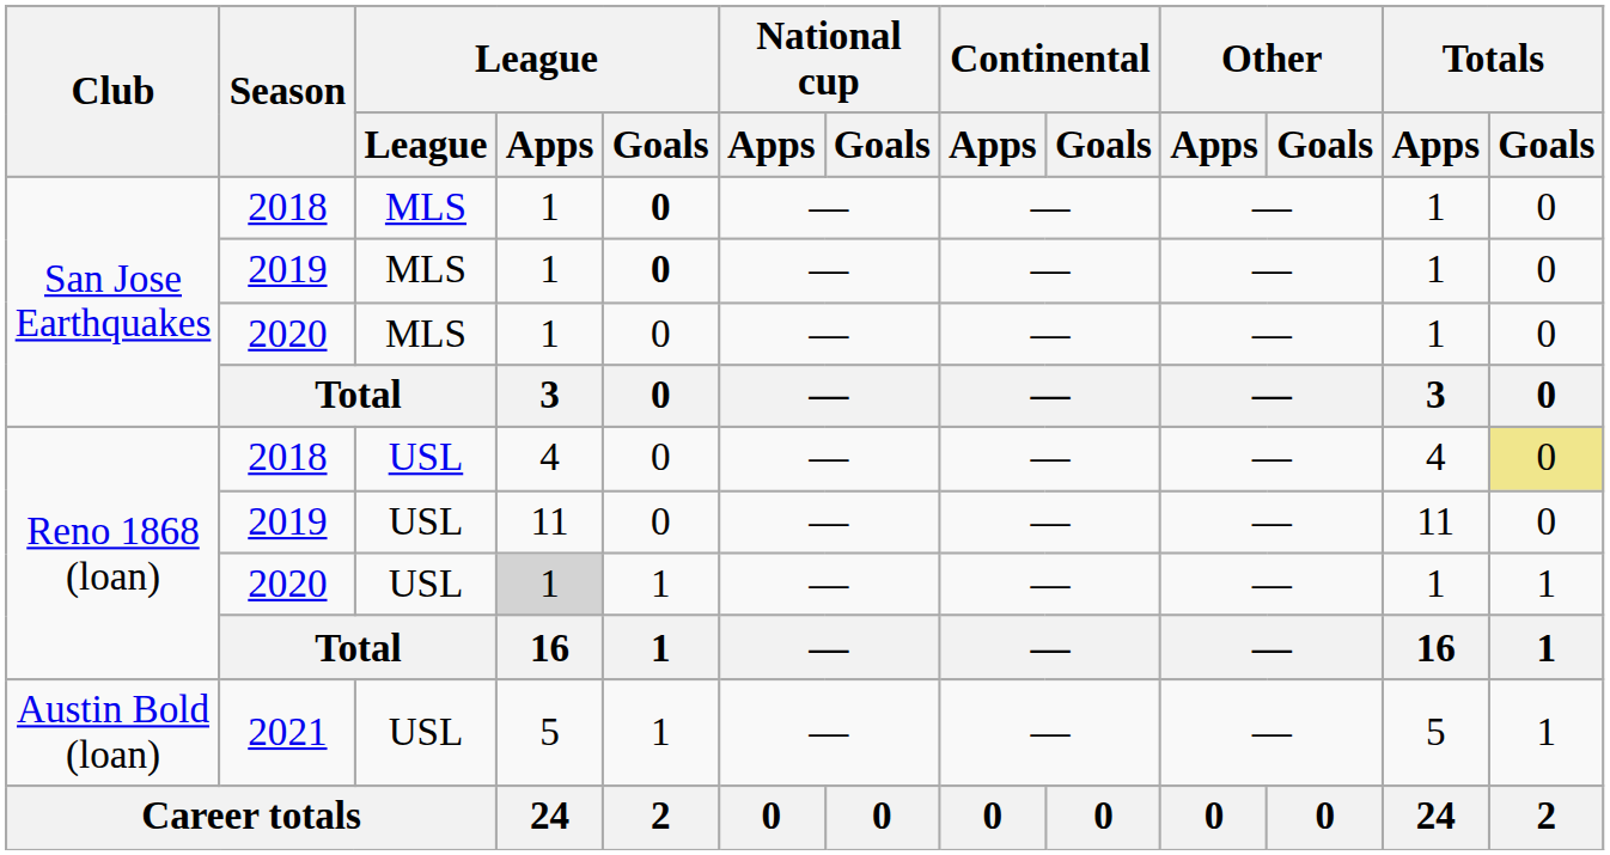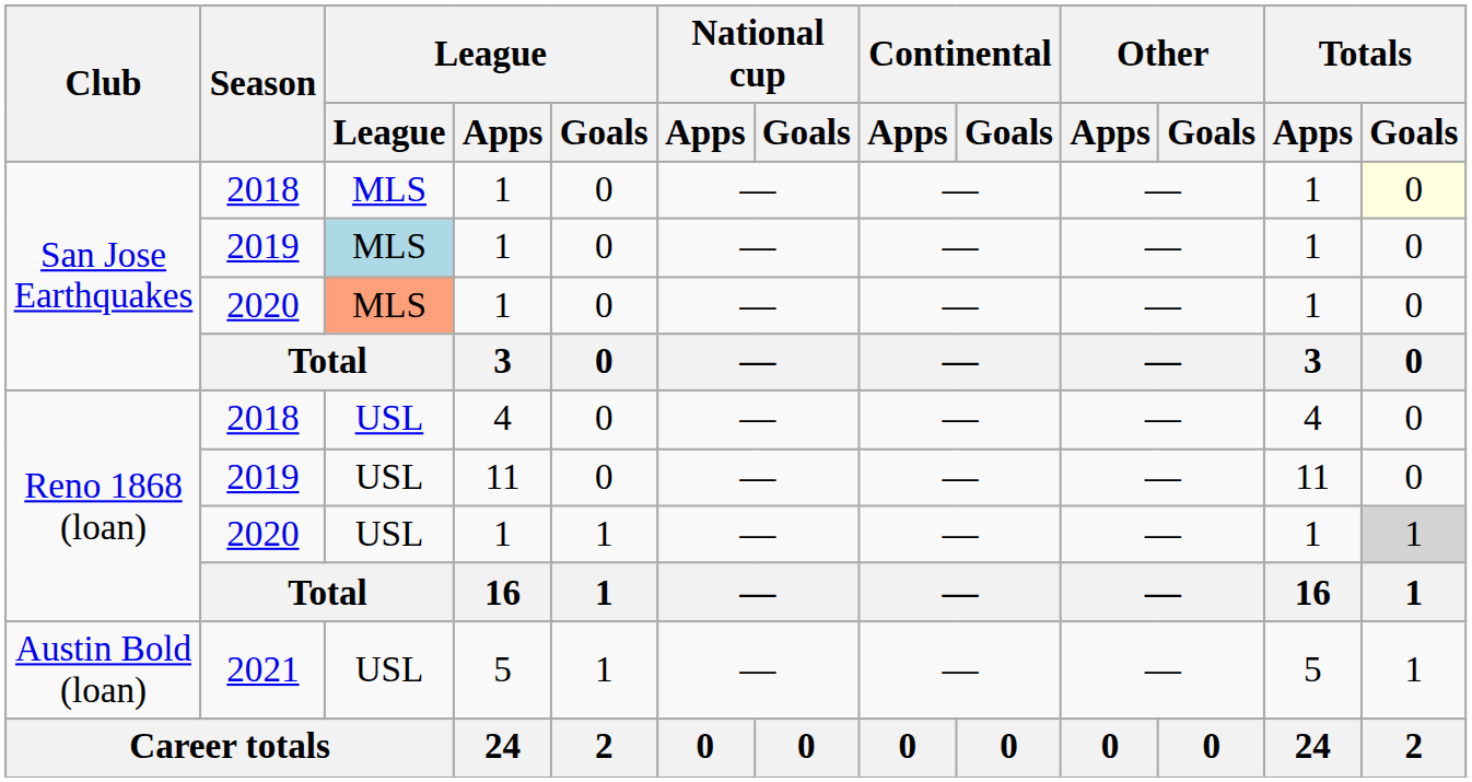 <table class="wikitable" Style="text-align: center">
 <tr>
 <th rowspan="2">Club</th>
 <th rowspan="2">Season</th>
 <th colspan="3">League</th>
 <th colspan="2">National cup</th>
 <th colspan="2">Continental</th>
 <th colspan="2">Other</th>
 <th colspan="2">Totals</th>
 </tr>
 <tr>
 <th>League</th>
 <th>Apps</th>
 <th>Goals</th>
 <th>Apps</th>
 <th>Goals</th>
 <th>Apps</th>
 <th>Goals</th>
 <th>Apps</th>
 <th>Goals</th>
 <th>Apps</th>
 <th>Goals</th>
 </tr>
 <tr>
 <td rowspan="4"><a href='#'>San Jose Earthquakes</a></td>
 <td><a href='#'>2018</a></td>
 <td><a href='#'>MLS</a></td>
 <td>1</td>
-<td><strong>0</strong></td>
+<td>0</td>
 <td colspan="2">—</td>
 <td colspan="2">—</td>
 <td colspan="2">—</td>
 <td>1</td>
-<td>0</td>
+<td style="background: lightyellow;">0</td>
 </tr>
 <tr>
 <td><a href='#'>2019</a></td>
-<td>MLS</td>
+<td style="background: lightblue;">MLS</td>
 <td>1</td>
-<td><strong>0</strong></td>
+<td>0</td>
 <td colspan="2">—</td>
 <td colspan="2">—</td>
 <td colspan="2">—</td>
 <td>1</td>
 <td>0</td>
 </tr>
 <tr>
 <td><a href='#'>2020</a></td>
-<td>MLS</td>
+<td style="background: lightsalmon;">MLS</td>
 <td>1</td>
 <td>0</td>
 <td colspan="2">—</td>
 <td colspan="2">—</td>
 <td colspan="2">—</td>
 <td>1</td>
 <td>0</td>
 </tr>
 <tr>
 <th colspan="2">Total</th>
 <th>3</th>
 <th>0</th>
 <th colspan="2">—</th>
 <th colspan="2">—</th>
 <th colspan="2">—</th>
 <th>3</th>
 <th>0</th>
 </tr>
 <tr>
 <td rowspan="4"><a href='#'>Reno 1868</a> (loan)</td>
 <td><a href='#'>2018</a></td>
 <td><a href='#'>USL</a></td>
 <td>4</td>
 <td>0</td>
 <td colspan="2">—</td>
 <td colspan="2">—</td>
 <td colspan="2">—</td>
 <td>4</td>
-<td style="background: khaki;">0</td>
+<td>0</td>
 </tr>
 <tr>
 <td><a href='#'>2019</a></td>
 <td>USL</td>
 <td>11</td>
 <td>0</td>
 <td colspan="2">—</td>
 <td colspan="2">—</td>
 <td colspan="2">—</td>
 <td>11</td>
 <td>0</td>
 </tr>
 <tr>
 <td><a href='#'>2020</a></td>
 <td>USL</td>
-<td style="background: lightgrey;">1</td>
+<td>1</td>
 <td>1</td>
 <td colspan="2">—</td>
 <td colspan="2">—</td>
 <td colspan="2">—</td>
 <td>1</td>
-<td>1</td>
+<td style="background: lightgrey;">1</td>
 </tr>
 <tr>
 <th colspan="2">Total</th>
 <th>16</th>
 <th>1</th>
 <th colspan="2">—</th>
 <th colspan="2">—</th>
 <th colspan="2">—</th>
 <th>16</th>
 <th>1</th>
 </tr>
 <tr>
 <td><a href='#'>Austin Bold</a> (loan)</td>
 <td><a href='#'>2021</a></td>
 <td>USL</td>
 <td>5</td>
 <td>1</td>
 <td colspan="2">—</td>
 <td colspan="2">—</td>
 <td colspan="2">—</td>
 <td>5</td>
 <td>1</td>
 </tr>
 <tr>
 <th colspan="3">Career totals</th>
 <th>24</th>
 <th>2</th>
 <th>0</th>
 <th>0</th>
 <th>0</th>
 <th>0</th>
 <th>0</th>
 <th>0</th>
 <th>24</th>
 <th>2</th>
 </tr>
 </table>
